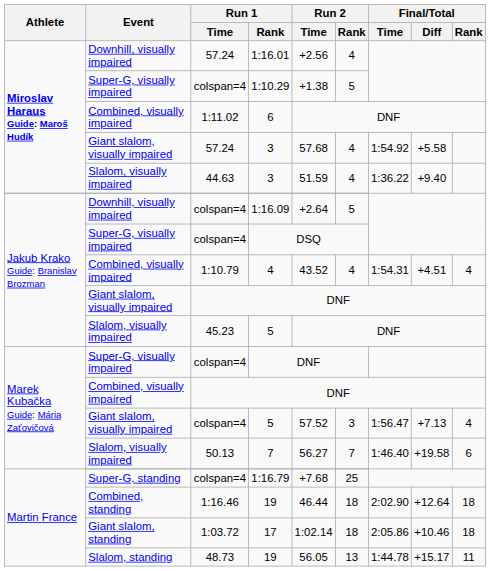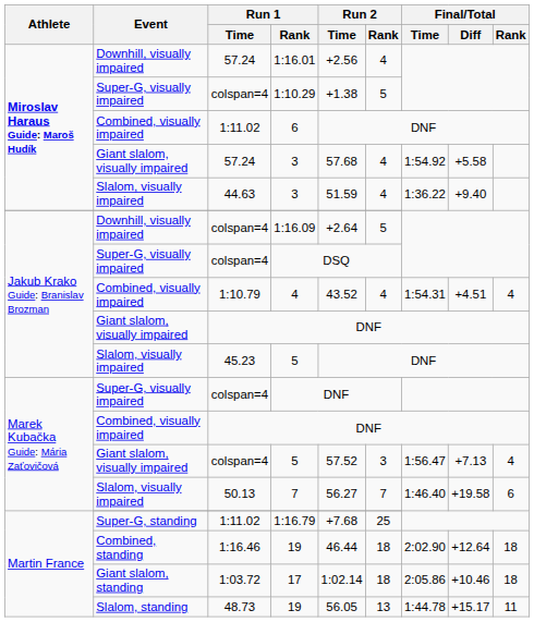 <table class="wikitable" style="font-size:90%">
 <tr>
 <th rowspan="2">Athlete</th>
 <th rowspan="2">Event</th>
 <th colspan="2">Run 1</th>
 <th colspan="2">Run 2</th>
 <th colspan="3">Final/Total</th>
 </tr>
 <tr>
 <th>Time</th>
 <th>Rank</th>
 <th>Time</th>
 <th>Rank</th>
 <th>Time</th>
 <th>Diff</th>
 <th>Rank</th>
 </tr>
 <tr>
 <td rowspan="5"><strong><a href='#'>Miroslav Haraus</a><br><small><a href='#'>Guide</a>: <a href='#'>Maroš Hudík</a></small></strong></td>
 <td><a href='#'>Downhill, visually impaired</a></td>
 <td align="center">57.24</td>
 <td align="center">1:16.01</td>
 <td align="center">+2.56</td>
 <td align="center">4</td>
 </tr>
 <tr>
 <td><a href='#'>Super-G, visually impaired</a></td>
 <td>colspan=4 </td>
 <td align="center">1:10.29</td>
 <td align="center">+1.38</td>
 <td align="center">5</td>
 </tr>
 <tr>
 <td><a href='#'>Combined, visually impaired</a></td>
 <td align="center">1:11.02</td>
 <td align="center">6</td>
 <td colspan=5 align="center">DNF</td>
 </tr>
 <tr>
 <td><a href='#'>Giant slalom, visually impaired</a></td>
 <td align="center">57.24</td>
 <td align="center">3</td>
 <td align="center">57.68</td>
 <td align="center">4</td>
 <td align="center">1:54.92</td>
 <td align="center">+5.58</td>
 <td align="center"></td>
 </tr>
 <tr>
 <td><a href='#'>Slalom, visually impaired</a></td>
 <td align="center">44.63</td>
 <td align="center">3</td>
 <td align="center">51.59</td>
 <td align="center">4</td>
 <td align="center">1:36.22</td>
 <td align="center">+9.40</td>
 <td align="center"></td>
 </tr>
 <tr>
 </tr>
 <tr>
 <td rowspan="5"><a href='#'>Jakub Krako</a><br><small><a href='#'>Guide</a>: <a href='#'>Branislav Brozman</a></small></td>
 <td><a href='#'>Downhill, visually impaired</a></td>
 <td>colspan=4 </td>
 <td align="center">1:16.09</td>
 <td align="center">+2.64</td>
 <td align="center">5</td>
 </tr>
 <tr>
 <td><a href='#'>Super-G, visually impaired</a></td>
 <td>colspan=4 </td>
 <td colspan=3 align="center">DSQ</td>
 </tr>
 <tr>
 <td><a href='#'>Combined, visually impaired</a></td>
 <td align="center">1:10.79</td>
 <td align="center">4</td>
 <td align="center">43.52</td>
 <td align="center">4</td>
 <td align="center">1:54.31</td>
 <td align="center">+4.51</td>
 <td align="center">4</td>
 </tr>
 <tr>
 <td><a href='#'>Giant slalom, visually impaired</a></td>
 <td colspan=7 align="center">DNF</td>
 </tr>
 <tr>
 <td><a href='#'>Slalom, visually impaired</a></td>
 <td align="center">45.23</td>
 <td align="center">5</td>
 <td colspan=5 align="center">DNF</td>
 </tr>
 <tr>
 <td rowspan="4"><a href='#'>Marek Kubačka</a><br><small><a href='#'>Guide</a>: <a href='#'>Mária Zaťovičová</a></small></td>
 <td><a href='#'>Super-G, visually impaired</a></td>
 <td>colspan=4 </td>
 <td colspan=3 align="center">DNF</td>
 </tr>
 <tr>
 <td><a href='#'>Combined, visually impaired</a></td>
 <td colspan=7 align="center">DNF</td>
 </tr>
 <tr>
 <td><a href='#'>Giant slalom, visually impaired</a></td>
 <td>colspan=4 </td>
 <td align="center">5</td>
 <td align="center">57.52</td>
 <td align="center">3</td>
 <td align="center">1:56.47</td>
 <td align="center">+7.13</td>
 <td align="center">4</td>
 </tr>
 <tr>
 <td><a href='#'>Slalom, visually impaired</a></td>
 <td align="center">50.13</td>
 <td align="center">7</td>
 <td align="center">56.27</td>
 <td align="center">7</td>
 <td align="center">1:46.40</td>
 <td align="center">+19.58</td>
 <td align="center">6</td>
 </tr>
 <tr>
 <td rowspan="5"><a href='#'>Martin France</a></td>
 </tr>
 <tr>
 <td><a href='#'>Super-G, standing</a></td>
-<td>colspan=4 </td>
+<td align="center">1:11.02</td>
 <td align="center">1:16.79</td>
 <td align="center">+7.68</td>
 <td align="center">25</td>
 </tr>
 <tr>
 <td><a href='#'>Combined, standing</a></td>
 <td align="center">1:16.46</td>
 <td align="center">19</td>
 <td align="center">46.44</td>
 <td align="center">18</td>
 <td align="center">2:02.90</td>
 <td align="center">+12.64</td>
 <td align="center">18</td>
 </tr>
 <tr>
 <td><a href='#'>Giant slalom, standing</a></td>
 <td align="center">1:03.72</td>
 <td align="center">17</td>
 <td align="center">1:02.14</td>
 <td align="center">18</td>
 <td align="center">2:05.86</td>
 <td align="center">+10.46</td>
 <td align="center">18</td>
 </tr>
 <tr>
 <td><a href='#'>Slalom, standing</a></td>
 <td align="center">48.73</td>
 <td align="center">19</td>
 <td align="center">56.05</td>
 <td align="center">13</td>
 <td align="center">1:44.78</td>
 <td align="center">+15.17</td>
 <td align="center">11</td>
 </tr>
 </table>
